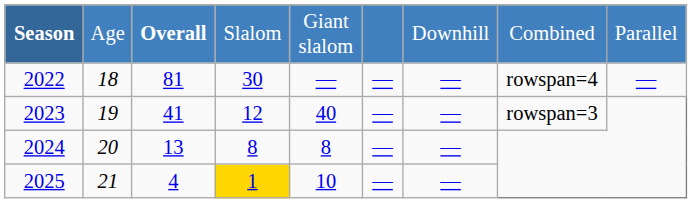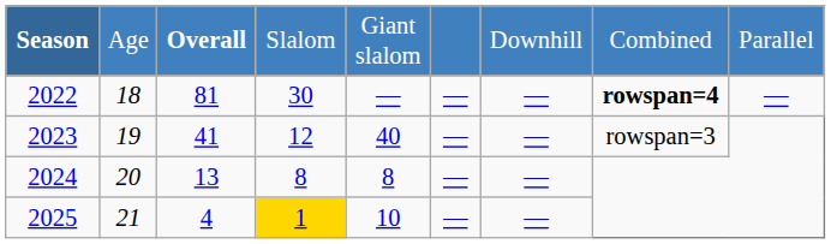 <table class="wikitable"  style="font-size:95%; text-align:center; border:gray solid 1px; width:40%;">
 <tr style="background:#369; color:white;">
 <td rowspan="2" style="width:6%;"><strong>Season</strong></td>
 </tr>
 <tr style="background:#4180be; color:white;">
 <td style="width:3%;">Age</td>
 <td style="width:5%;"><strong>Overall</strong></td>
 <td style="width:5%;">Slalom</td>
 <td style="width:5%;">Giant<br>slalom</td>
 <td style="width:5%;"></td>
 <td style="width:5%;">Downhill</td>
 <td style="width:5%;">Combined</td>
 <td style="width:5%;">Parallel</td>
 </tr>
 <tr>
 <td><a href='#'>2022</a></td>
 <td><em>18</em></td>
 <td><a href='#'>81</a></td>
 <td><a href='#'>30</a></td>
 <td><a href='#'>—</a></td>
 <td><a href='#'>—</a></td>
 <td><a href='#'>—</a></td>
-<td>rowspan=4 </td>
+<td><strong>rowspan=4 </strong></td>
 <td><a href='#'>—</a></td>
 </tr>
 <tr>
 <td><a href='#'>2023</a></td>
 <td><em>19</em></td>
 <td><a href='#'>41</a></td>
 <td><a href='#'>12</a></td>
 <td><a href='#'>40</a></td>
 <td><a href='#'>—</a></td>
 <td><a href='#'>—</a></td>
 <td>rowspan=3 </td>
 </tr>
 <tr>
 <td><a href='#'>2024</a></td>
 <td><em>20</em></td>
 <td><a href='#'>13</a></td>
 <td><a href='#'>8</a></td>
 <td><a href='#'>8</a></td>
 <td><a href='#'>—</a></td>
 <td><a href='#'>—</a></td>
 </tr>
 <tr>
 <td><a href='#'>2025</a></td>
 <td><em>21</em></td>
 <td><a href='#'>4</a></td>
 <td style="background:gold;"><a href='#'>1</a></td>
 <td><a href='#'>10</a></td>
 <td><a href='#'>—</a></td>
 <td><a href='#'>—</a></td>
 </tr>
 </table>
